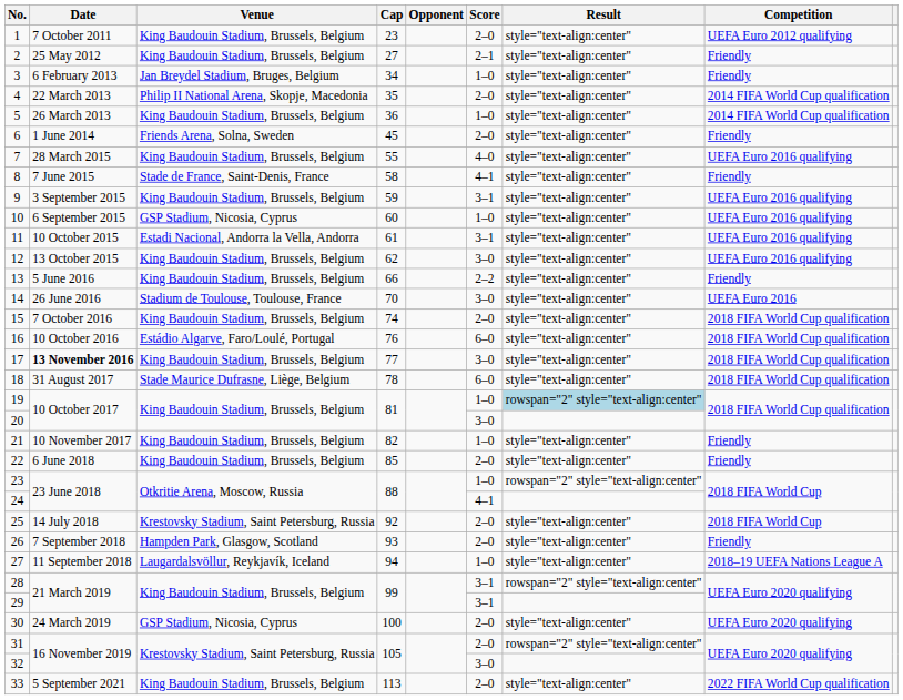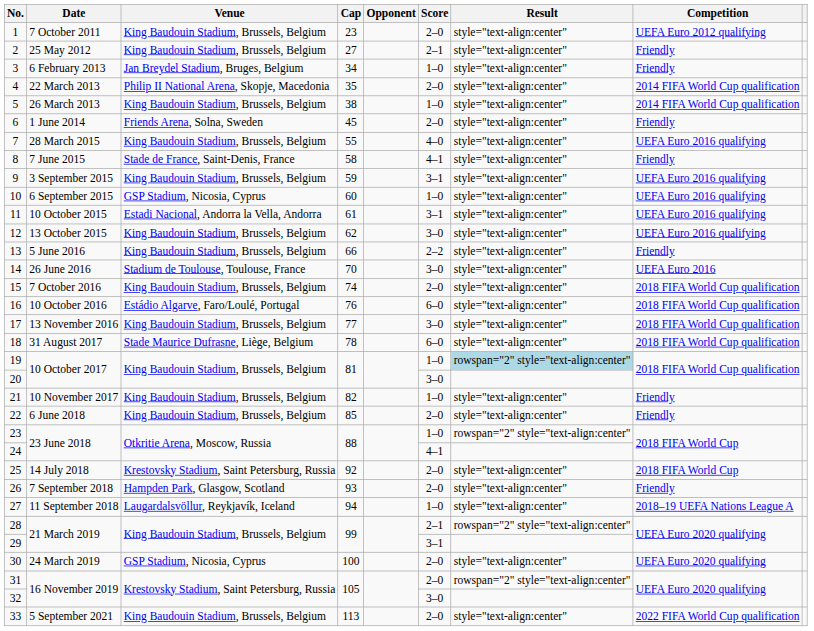 <table class="wikitable sortable">
 <tr>
 <th scope="col">No.</th>
 <th scope="col">Date</th>
 <th scope="col">Venue</th>
 <th scope="col">Cap</th>
 <th scope="col">Opponent</th>
 <th scope="col">Score</th>
 <th scope="col">Result</th>
 <th scope="col">Competition</th>
 <th scope="col" class="unsortable"></th>
 </tr>
 <tr>
 <td style="text-align: center;">1</td>
 <td>7 October 2011</td>
 <td><a href='#'>King Baudouin Stadium</a>, Brussels, Belgium</td>
 <td style="text-align: center;">23</td>
 <td></td>
 <td style="text-align: center;">2–0</td>
 <td>style="text-align:center" </td>
 <td><a href='#'>UEFA Euro 2012 qualifying</a></td>
 <td style="text-align: center;"></td>
 </tr>
 <tr>
 <td style="text-align: center;">2</td>
 <td>25 May 2012</td>
 <td><a href='#'>King Baudouin Stadium</a>, Brussels, Belgium</td>
 <td style="text-align: center;">27</td>
 <td></td>
 <td style="text-align: center;">2–1</td>
 <td>style="text-align:center" </td>
 <td><a href='#'>Friendly</a></td>
 <td style="text-align: center;"></td>
 </tr>
 <tr>
 <td style="text-align: center;">3</td>
 <td>6 February 2013</td>
 <td><a href='#'>Jan Breydel Stadium</a>, Bruges, Belgium</td>
 <td style="text-align: center;">34</td>
 <td></td>
 <td style="text-align: center;">1–0</td>
 <td>style="text-align:center" </td>
 <td><a href='#'>Friendly</a></td>
 <td style="text-align: center;"></td>
 </tr>
 <tr>
 <td style="text-align: center;">4</td>
 <td>22 March 2013</td>
 <td><a href='#'>Philip II National Arena</a>, Skopje, Macedonia</td>
 <td style="text-align: center;">35</td>
 <td></td>
 <td style="text-align: center;">2–0</td>
 <td>style="text-align:center" </td>
 <td><a href='#'>2014 FIFA World Cup qualification</a></td>
 <td style="text-align: center;"></td>
 </tr>
 <tr>
 <td style="text-align: center;">5</td>
 <td>26 March 2013</td>
 <td><a href='#'>King Baudouin Stadium</a>, Brussels, Belgium</td>
-<td style="text-align: center;">36</td>
+<td style="text-align: center;">38</td>
 <td></td>
 <td style="text-align: center;">1–0</td>
 <td>style="text-align:center" </td>
 <td><a href='#'>2014 FIFA World Cup qualification</a></td>
 <td style="text-align: center;"></td>
 </tr>
 <tr>
 <td style="text-align: center;">6</td>
 <td>1 June 2014</td>
 <td><a href='#'>Friends Arena</a>, Solna, Sweden</td>
 <td style="text-align: center;">45</td>
 <td></td>
 <td style="text-align: center;">2–0</td>
 <td>style="text-align:center" </td>
 <td><a href='#'>Friendly</a></td>
 <td style="text-align: center;"></td>
 </tr>
 <tr>
 <td style="text-align: center;">7</td>
 <td>28 March 2015</td>
 <td><a href='#'>King Baudouin Stadium</a>, Brussels, Belgium</td>
 <td style="text-align: center;">55</td>
 <td></td>
 <td style="text-align: center;">4–0</td>
 <td>style="text-align:center" </td>
 <td><a href='#'>UEFA Euro 2016 qualifying</a></td>
 <td style="text-align: center;"></td>
 </tr>
 <tr>
 <td style="text-align: center;">8</td>
 <td>7 June 2015</td>
 <td><a href='#'>Stade de France</a>, Saint-Denis, France</td>
 <td style="text-align: center;">58</td>
 <td></td>
 <td style="text-align: center;">4–1</td>
 <td>style="text-align:center" </td>
 <td><a href='#'>Friendly</a></td>
 <td style="text-align: center;"></td>
 </tr>
 <tr>
 <td style="text-align: center;">9</td>
 <td>3 September 2015</td>
 <td><a href='#'>King Baudouin Stadium</a>, Brussels, Belgium</td>
 <td style="text-align: center;">59</td>
 <td></td>
 <td style="text-align: center;">3–1</td>
 <td>style="text-align:center" </td>
 <td><a href='#'>UEFA Euro 2016 qualifying</a></td>
 <td style="text-align: center;"></td>
 </tr>
 <tr>
 <td style="text-align: center;">10</td>
 <td>6 September 2015</td>
 <td><a href='#'>GSP Stadium</a>, Nicosia, Cyprus</td>
 <td style="text-align: center;">60</td>
 <td></td>
 <td style="text-align: center;">1–0</td>
 <td>style="text-align:center" </td>
 <td><a href='#'>UEFA Euro 2016 qualifying</a></td>
 <td style="text-align: center;"></td>
 </tr>
 <tr>
 <td style="text-align: center;">11</td>
 <td>10 October 2015</td>
 <td><a href='#'>Estadi Nacional</a>, Andorra la Vella, Andorra</td>
 <td style="text-align: center;">61</td>
 <td></td>
 <td style="text-align: center;">3–1</td>
 <td>style="text-align:center" </td>
 <td><a href='#'>UEFA Euro 2016 qualifying</a></td>
 <td style="text-align: center;"></td>
 </tr>
 <tr>
 <td style="text-align: center;">12</td>
 <td>13 October 2015</td>
 <td><a href='#'>King Baudouin Stadium</a>, Brussels, Belgium</td>
 <td style="text-align: center;">62</td>
 <td></td>
 <td style="text-align: center;">3–0</td>
 <td>style="text-align:center" </td>
 <td><a href='#'>UEFA Euro 2016 qualifying</a></td>
 <td style="text-align: center;"></td>
 </tr>
 <tr>
 <td style="text-align: center;">13</td>
 <td>5 June 2016</td>
 <td><a href='#'>King Baudouin Stadium</a>, Brussels, Belgium</td>
 <td style="text-align: center;">66</td>
 <td></td>
 <td style="text-align: center;">2–2</td>
 <td>style="text-align:center" </td>
 <td><a href='#'>Friendly</a></td>
 <td style="text-align: center;"></td>
 </tr>
 <tr>
 <td style="text-align: center;">14</td>
 <td>26 June 2016</td>
 <td><a href='#'>Stadium de Toulouse</a>, Toulouse, France</td>
 <td style="text-align: center;">70</td>
 <td></td>
 <td style="text-align: center;">3–0</td>
 <td>style="text-align:center" </td>
 <td><a href='#'>UEFA Euro 2016</a></td>
 <td style="text-align: center;"></td>
 </tr>
 <tr>
 <td style="text-align: center;">15</td>
 <td>7 October 2016</td>
 <td><a href='#'>King Baudouin Stadium</a>, Brussels, Belgium</td>
 <td style="text-align: center;">74</td>
 <td></td>
 <td style="text-align: center;">2–0</td>
 <td>style="text-align:center" </td>
 <td><a href='#'>2018 FIFA World Cup qualification</a></td>
 <td style="text-align: center;"></td>
 </tr>
 <tr>
 <td style="text-align: center;">16</td>
 <td>10 October 2016</td>
 <td><a href='#'>Estádio Algarve</a>, Faro/Loulé, Portugal</td>
 <td style="text-align: center;">76</td>
 <td></td>
 <td style="text-align: center;">6–0</td>
 <td>style="text-align:center" </td>
 <td><a href='#'>2018 FIFA World Cup qualification</a></td>
 <td style="text-align: center;"></td>
 </tr>
 <tr>
 <td style="text-align: center;">17</td>
-<td><strong>13 November 2016</strong></td>
+<td>13 November 2016</td>
 <td><a href='#'>King Baudouin Stadium</a>, Brussels, Belgium</td>
 <td style="text-align: center;">77</td>
 <td></td>
 <td style="text-align: center;">3–0</td>
 <td>style="text-align:center" </td>
 <td><a href='#'>2018 FIFA World Cup qualification</a></td>
 <td style="text-align: center;"></td>
 </tr>
 <tr>
 <td style="text-align: center;">18</td>
 <td>31 August 2017</td>
 <td><a href='#'>Stade Maurice Dufrasne</a>, Liège, Belgium</td>
 <td style="text-align: center;">78</td>
 <td></td>
 <td style="text-align: center;">6–0</td>
 <td>style="text-align:center" </td>
 <td><a href='#'>2018 FIFA World Cup qualification</a></td>
 <td style="text-align: center;"></td>
 </tr>
 <tr>
 <td style="text-align: center;">19</td>
 <td rowspan="2">10 October 2017</td>
 <td rowspan="2"><a href='#'>King Baudouin Stadium</a>, Brussels, Belgium</td>
 <td rowspan="2" style="text-align: center;">81</td>
 <td rowspan=2></td>
 <td style="text-align: center;">1–0</td>
 <td style="background: lightblue;">rowspan="2" style="text-align:center" </td>
 <td rowspan="2"><a href='#'>2018 FIFA World Cup qualification</a></td>
 <td rowspan="2" style="text-align: center;"></td>
 </tr>
 <tr>
 <td style="text-align: center;">20</td>
 <td style="text-align: center;">3–0</td>
 </tr>
 <tr>
 <td style="text-align: center;">21</td>
 <td>10 November 2017</td>
 <td><a href='#'>King Baudouin Stadium</a>, Brussels, Belgium</td>
 <td style="text-align: center;">82</td>
 <td></td>
 <td style="text-align: center;">1–0</td>
 <td>style="text-align:center" </td>
 <td><a href='#'>Friendly</a></td>
 <td style="text-align: center;"></td>
 </tr>
 <tr>
 <td style="text-align: center;">22</td>
 <td>6 June 2018</td>
 <td><a href='#'>King Baudouin Stadium</a>, Brussels, Belgium</td>
 <td style="text-align: center;">85</td>
 <td></td>
 <td style="text-align: center;">2–0</td>
 <td>style="text-align:center" </td>
 <td><a href='#'>Friendly</a></td>
 <td style="text-align: center;"></td>
 </tr>
 <tr>
 <td style="text-align: center;">23</td>
 <td rowspan="2">23 June 2018</td>
 <td rowspan="2"><a href='#'>Otkritie Arena</a>, Moscow, Russia</td>
 <td rowspan="2" style="text-align: center;">88</td>
 <td rowspan="2"></td>
 <td style="text-align: center;">1–0</td>
 <td>rowspan="2" style="text-align:center" </td>
 <td rowspan="2"><a href='#'>2018 FIFA World Cup</a></td>
 <td rowspan="2" style="text-align: center;"></td>
 </tr>
 <tr>
 <td style="text-align: center;">24</td>
 <td style="text-align: center;">4–1</td>
 </tr>
 <tr>
 <td style="text-align: center;">25</td>
 <td>14 July 2018</td>
 <td><a href='#'>Krestovsky Stadium</a>, Saint Petersburg, Russia</td>
 <td style="text-align: center;">92</td>
 <td></td>
 <td style="text-align: center;">2–0</td>
 <td>style="text-align:center" </td>
 <td><a href='#'>2018 FIFA World Cup</a></td>
 <td style="text-align: center;"></td>
 </tr>
 <tr>
 <td style="text-align: center;">26</td>
 <td>7 September 2018</td>
 <td><a href='#'>Hampden Park</a>, Glasgow, Scotland</td>
 <td style="text-align: center;">93</td>
 <td></td>
 <td style="text-align: center;">2–0</td>
 <td>style="text-align:center" </td>
 <td><a href='#'>Friendly</a></td>
 <td style="text-align: center;"></td>
 </tr>
 <tr>
 <td style="text-align: center;">27</td>
 <td>11 September 2018</td>
 <td><a href='#'>Laugardalsvöllur</a>, Reykjavík, Iceland</td>
 <td style="text-align: center;">94</td>
 <td></td>
 <td style="text-align: center;">1–0</td>
 <td>style="text-align:center" </td>
 <td><a href='#'>2018–19 UEFA Nations League A</a></td>
 <td style="text-align: center;"></td>
 </tr>
 <tr>
 <td style="text-align: center;">28</td>
 <td rowspan="2">21 March 2019</td>
 <td rowspan="2"><a href='#'>King Baudouin Stadium</a>, Brussels, Belgium</td>
 <td rowspan="2" style="text-align: center;">99</td>
 <td rowspan="2"></td>
-<td style="text-align: center;">3–1</td>
+<td style="text-align: center;">2–1</td>
 <td>rowspan="2" style="text-align:center" </td>
 <td rowspan="2"><a href='#'>UEFA Euro 2020 qualifying</a></td>
 <td rowspan="2" style="text-align: center;"></td>
 </tr>
 <tr>
 <td style="text-align: center;">29</td>
 <td style="text-align: center;">3–1</td>
 </tr>
 <tr>
 <td style="text-align: center;">30</td>
 <td>24 March 2019</td>
 <td><a href='#'>GSP Stadium</a>, Nicosia, Cyprus</td>
 <td style="text-align: center;">100</td>
 <td></td>
 <td style="text-align: center;">2–0</td>
 <td>style="text-align:center" </td>
 <td><a href='#'>UEFA Euro 2020 qualifying</a></td>
 <td style="text-align: center;"></td>
 </tr>
 <tr>
 <td style="text-align: center;">31</td>
 <td rowspan="2">16 November 2019</td>
 <td rowspan="2"><a href='#'>Krestovsky Stadium</a>, Saint Petersburg, Russia</td>
 <td rowspan="2" style="text-align: center;">105</td>
 <td rowspan="2"></td>
 <td style="text-align: center;">2–0</td>
 <td>rowspan="2" style="text-align:center" </td>
 <td rowspan="2"><a href='#'>UEFA Euro 2020 qualifying</a></td>
 <td rowspan="2" style="text-align: center;"></td>
 </tr>
 <tr>
 <td style="text-align: center;">32</td>
 <td style="text-align: center;">3–0</td>
 </tr>
 <tr>
 <td style="text-align: center;">33</td>
 <td>5 September 2021</td>
 <td><a href='#'>King Baudouin Stadium</a>, Brussels, Belgium</td>
 <td style="text-align: center;">113</td>
 <td></td>
 <td style="text-align: center;">2–0</td>
 <td>style="text-align:center" </td>
 <td><a href='#'>2022 FIFA World Cup qualification</a></td>
 <td style="text-align: center;"></td>
 </tr>
 </table>
